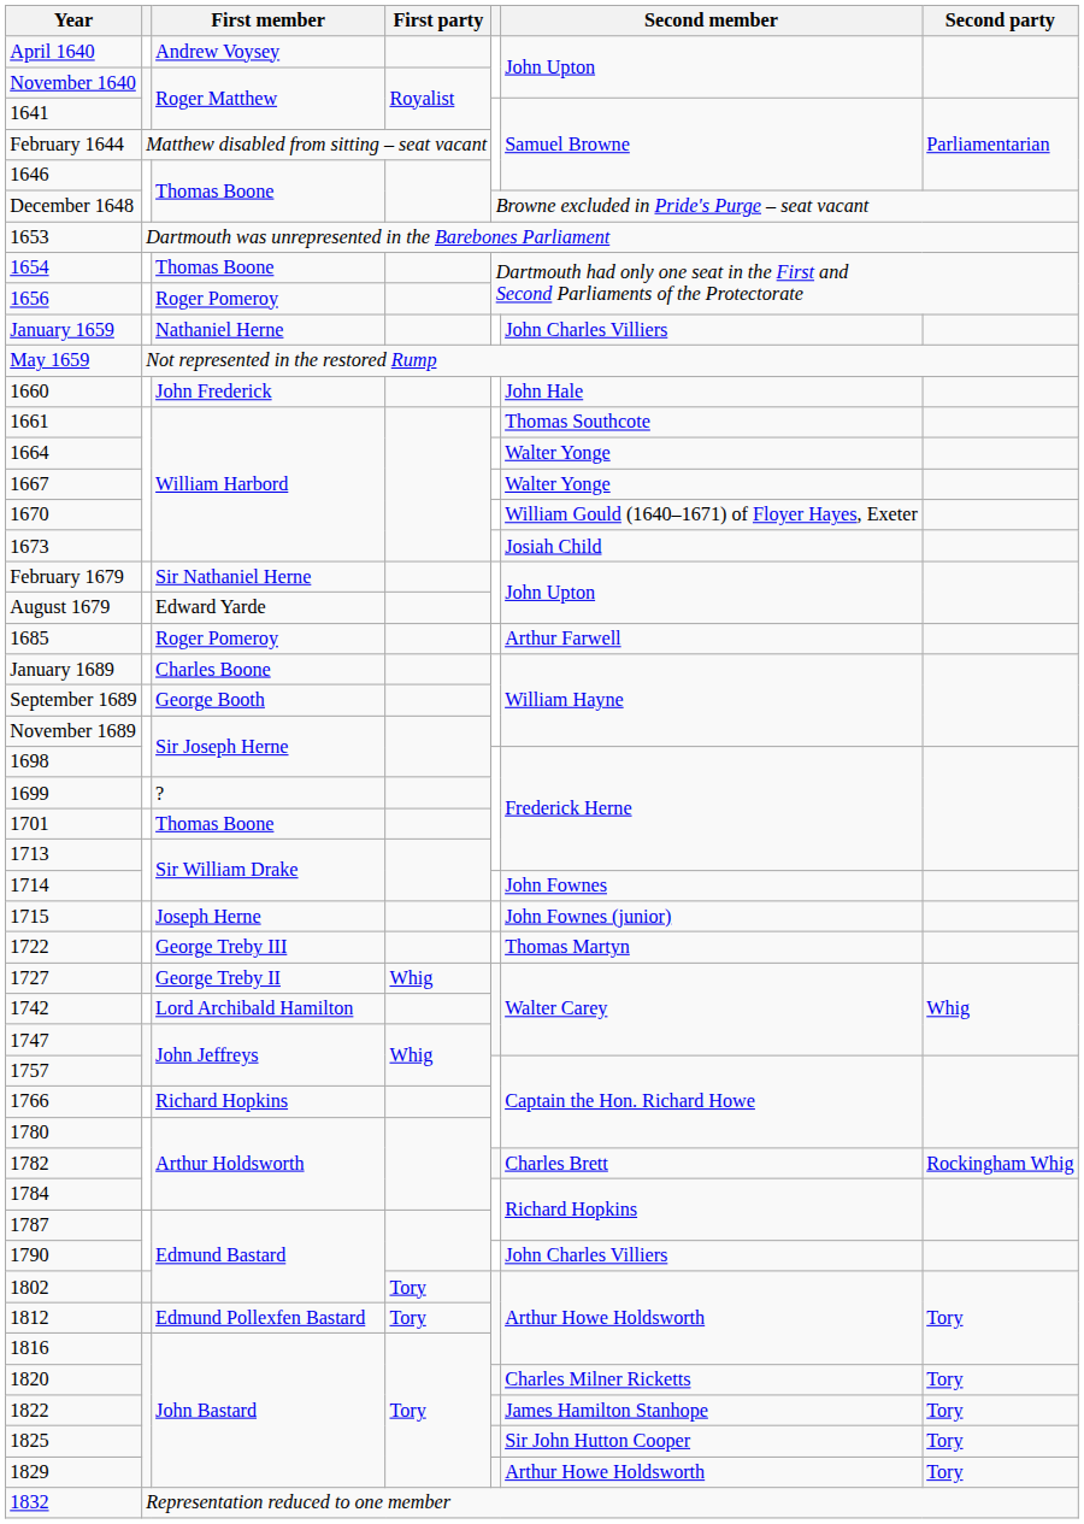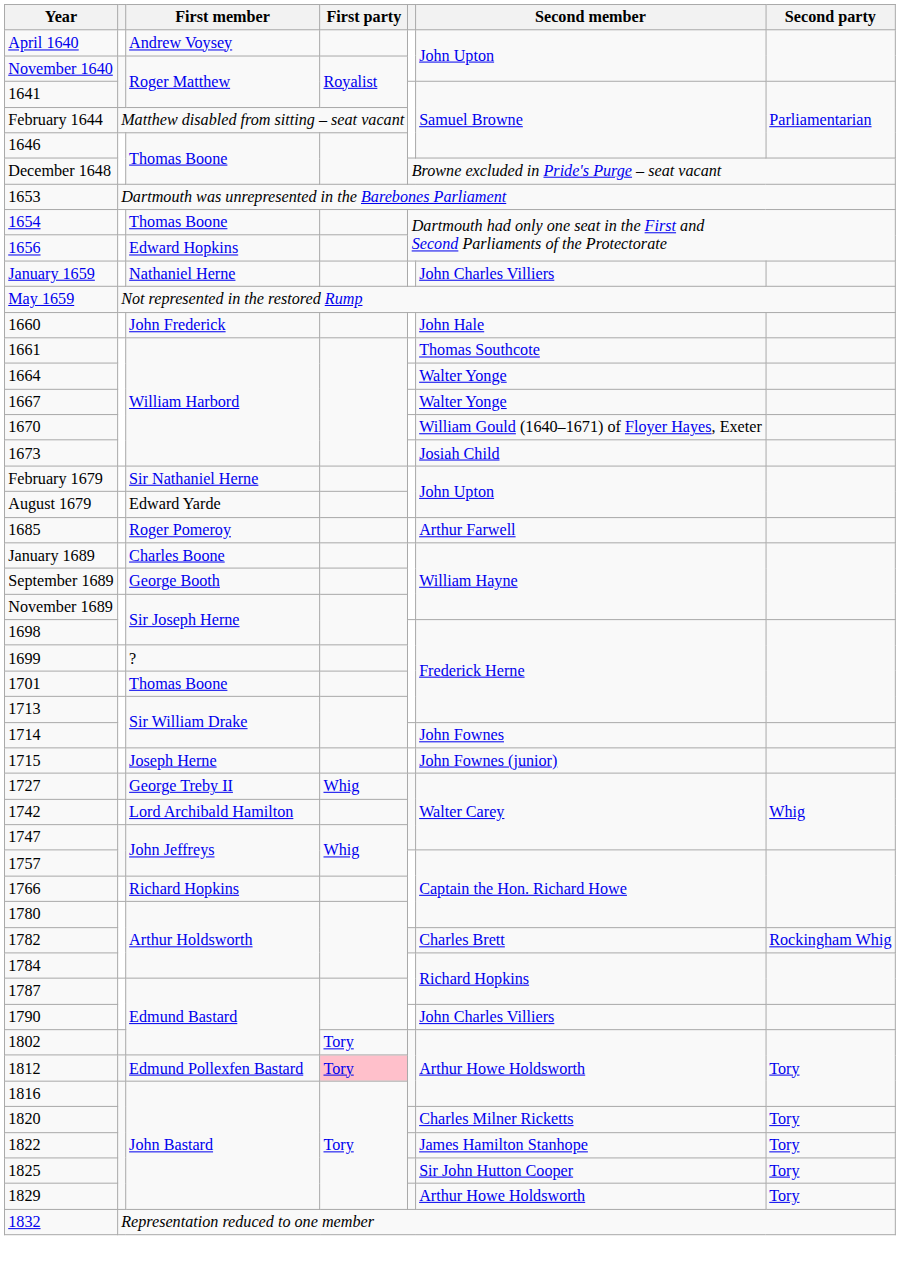 <table class="wikitable">
 <tr>
 <th>Year</th>
 <th></th>
 <th>First member</th>
 <th>First party</th>
 <th></th>
 <th>Second member</th>
 <th>Second party</th>
 </tr>
 <tr>
 <td><a href='#'>April 1640</a></td>
 <td style="color:inherit;background-color: white"></td>
 <td><a href='#'>Andrew Voysey</a></td>
 <td></td>
 <td rowspan="2" style="color:inherit;background-color: white"></td>
 <td rowspan="2"><a href='#'>John Upton</a></td>
 <td rowspan="2"></td>
 </tr>
 <tr>
 <td><a href='#'>November 1640</a></td>
 <td rowspan="2" style="color:inherit;background-color: "></td>
 <td rowspan="2"><a href='#'>Roger Matthew</a></td>
 <td rowspan="2"><a href='#'>Royalist</a></td>
 </tr>
 <tr>
 <td>1641</td>
 <td rowspan="3" style="color:inherit;background-color: white"></td>
 <td rowspan="3"><a href='#'>Samuel Browne</a></td>
 <td rowspan="3"><a href='#'>Parliamentarian</a></td>
 </tr>
 <tr>
 <td>February 1644</td>
 <td colspan="3"><em>Matthew disabled from sitting – seat vacant</em></td>
 </tr>
 <tr>
 <td>1646</td>
 <td rowspan="2" style="color:inherit;background-color: white"></td>
 <td rowspan="2"><a href='#'>Thomas Boone</a></td>
 <td rowspan="2"></td>
 </tr>
 <tr>
 <td>December 1648</td>
 <td colspan="3"><em>Browne excluded in <a href='#'>Pride's Purge</a> – seat vacant</em></td>
 </tr>
 <tr>
 <td>1653</td>
 <td colspan="6"><em>Dartmouth was unrepresented in the <a href='#'>Barebones Parliament</a></em></td>
 </tr>
 <tr>
 <td><a href='#'>1654</a></td>
 <td style="color:inherit;background-color: white"></td>
 <td><a href='#'>Thomas Boone</a></td>
 <td></td>
 <td rowspan="2" colspan="3"><em>Dartmouth had only one seat in the <a href='#'>First</a>  and <br><a href='#'>Second</a> Parliaments of the Protectorate</em></td>
 </tr>
 <tr>
 <td><a href='#'>1656</a></td>
 <td style="color:inherit;background-color: white"></td>
-<td><a href='#'>Roger Pomeroy</a></td>
+<td><a href='#'>Edward Hopkins</a></td>
 <td></td>
 </tr>
 <tr>
 <td><a href='#'>January 1659</a></td>
 <td style="color:inherit;background-color: white"></td>
 <td><a href='#'>Nathaniel Herne</a></td>
 <td></td>
 <td style="color:inherit;background-color: white"></td>
 <td><a href='#'>John Charles Villiers</a></td>
 <td></td>
 </tr>
 <tr>
 <td><a href='#'>May 1659</a></td>
 <td colspan="6"><em>Not represented in the restored <a href='#'>Rump</a></em></td>
 </tr>
 <tr>
 <td>1660</td>
 <td style="color:inherit;background-color: white"></td>
 <td><a href='#'>John Frederick</a></td>
 <td></td>
 <td style="color:inherit;background-color: white"></td>
 <td><a href='#'>John Hale</a></td>
 <td></td>
 </tr>
 <tr>
 <td>1661</td>
 <td rowspan="5" style="color:inherit;background-color: white"></td>
 <td rowspan="5"><a href='#'>William Harbord</a></td>
 <td rowspan="5"></td>
 <td style="color:inherit;background-color: white"></td>
 <td><a href='#'>Thomas Southcote</a></td>
 <td></td>
 </tr>
 <tr>
 <td>1664</td>
 <td style="color:inherit;background-color: white"></td>
 <td><a href='#'>Walter Yonge</a></td>
 <td></td>
 </tr>
 <tr>
 <td>1667</td>
 <td style="color:inherit;background-color: white"></td>
 <td><a href='#'>Walter Yonge</a></td>
 <td></td>
 </tr>
 <tr>
 <td>1670</td>
 <td style="color:inherit;background-color: white"></td>
 <td><a href='#'>William Gould</a> (1640–1671) of <a href='#'>Floyer Hayes</a>, Exeter</td>
 <td></td>
 </tr>
 <tr>
 <td>1673</td>
 <td style="color:inherit;background-color: white"></td>
 <td><a href='#'>Josiah Child</a></td>
 <td></td>
 </tr>
 <tr>
 <td>February 1679</td>
 <td style="color:inherit;background-color: white"></td>
 <td><a href='#'>Sir Nathaniel Herne</a></td>
 <td></td>
 <td rowspan="2" style="color:inherit;background-color: white"></td>
 <td rowspan="2"><a href='#'>John Upton</a></td>
 <td rowspan="2"></td>
 </tr>
 <tr>
 <td>August 1679</td>
 <td style="color:inherit;background-color: white"></td>
 <td>Edward Yarde</td>
 <td></td>
 </tr>
 <tr>
 <td>1685</td>
 <td style="color:inherit;background-color: white"></td>
 <td><a href='#'>Roger Pomeroy</a></td>
 <td></td>
 <td style="color:inherit;background-color: white"></td>
 <td><a href='#'>Arthur Farwell</a></td>
 <td></td>
 </tr>
 <tr>
 <td>January 1689</td>
 <td style="color:inherit;background-color: white"></td>
 <td><a href='#'>Charles Boone</a></td>
 <td></td>
 <td rowspan="3" style="color:inherit;background-color: white"></td>
 <td rowspan="3"><a href='#'>William Hayne</a></td>
 <td rowspan="3"></td>
 </tr>
 <tr>
 <td>September 1689</td>
 <td style="color:inherit;background-color: white"></td>
 <td><a href='#'>George Booth</a></td>
 <td></td>
 </tr>
 <tr>
 <td>November 1689</td>
 <td rowspan="2" style="color:inherit;background-color: white"></td>
 <td rowspan="2"><a href='#'>Sir Joseph Herne</a></td>
 <td rowspan="2"></td>
 </tr>
 <tr>
 <td>1698</td>
 <td rowspan="4"  style="color:inherit;background-color: white"></td>
 <td rowspan="4"><a href='#'>Frederick Herne</a></td>
 <td rowspan="4"></td>
 </tr>
 <tr>
 <td>1699</td>
 <td style="color:inherit;background-color: white"></td>
 <td>?</td>
 <td></td>
 </tr>
 <tr>
 <td>1701</td>
 <td style="color:inherit;background-color: white"></td>
 <td><a href='#'>Thomas Boone</a></td>
 <td></td>
 </tr>
 <tr>
 <td>1713</td>
 <td rowspan="2" style="color:inherit;background-color: white"></td>
 <td rowspan="2"><a href='#'>Sir William Drake</a></td>
 <td rowspan="2"></td>
 </tr>
 <tr>
 <td>1714</td>
 <td style="color:inherit;background-color: white"></td>
 <td><a href='#'>John Fownes</a></td>
 <td></td>
 </tr>
 <tr>
 <td>1715</td>
 <td style="color:inherit;background-color: white"></td>
 <td><a href='#'>Joseph Herne</a></td>
 <td></td>
 <td style="color:inherit;background-color: white"></td>
 <td><a href='#'>John Fownes (junior)</a></td>
 <td></td>
 </tr>
 <tr>
-<td>1722</td>
-<td style="color:inherit;background-color: white"></td>
-<td><a href='#'>George Treby III</a></td>
-<td></td>
-<td style="color:inherit;background-color: white"></td>
-<td><a href='#'>Thomas Martyn</a></td>
-<td></td>
-</tr>
-<tr>
 <td>1727</td>
 <td style="color:inherit;background-color: "></td>
 <td><a href='#'>George Treby II</a></td>
 <td><a href='#'>Whig</a></td>
 <td rowspan="3" style="color:inherit;background-color: "></td>
 <td rowspan="3"><a href='#'>Walter Carey</a></td>
 <td rowspan="3"><a href='#'>Whig</a></td>
 </tr>
 <tr>
 <td>1742</td>
 <td style="color:inherit;background-color: white"></td>
 <td><a href='#'>Lord Archibald Hamilton</a></td>
 <td></td>
 </tr>
 <tr>
 <td>1747</td>
 <td rowspan="2" style="color:inherit;background-color: "></td>
 <td rowspan="2"><a href='#'>John Jeffreys</a></td>
 <td rowspan="2"><a href='#'>Whig</a></td>
 </tr>
 <tr>
 <td>1757</td>
 <td rowspan="3" style="color:inherit;background-color: white"></td>
 <td rowspan="3"><a href='#'>Captain the Hon. Richard Howe</a></td>
 <td rowspan="3"></td>
 </tr>
 <tr>
 <td>1766</td>
 <td style="color:inherit;background-color: white"></td>
 <td><a href='#'>Richard Hopkins</a></td>
 <td></td>
 </tr>
 <tr>
 <td>1780</td>
 <td rowspan="3" style="color:inherit;background-color: white"></td>
 <td rowspan="3"><a href='#'>Arthur Holdsworth</a></td>
 <td rowspan="3"></td>
 </tr>
 <tr>
 <td>1782</td>
 <td style="color:inherit;background-color: "></td>
 <td><a href='#'>Charles Brett</a></td>
 <td><a href='#'>Rockingham Whig</a></td>
 </tr>
 <tr>
 <td>1784</td>
 <td rowspan="2" style="color:inherit;background-color: white"></td>
 <td rowspan="2"><a href='#'>Richard Hopkins</a></td>
 <td rowspan="2"></td>
 </tr>
 <tr>
 <td>1787</td>
 <td rowspan="2" style="color:inherit;background-color: white"></td>
 <td rowspan="3"><a href='#'>Edmund Bastard</a></td>
 <td rowspan="2"></td>
 </tr>
 <tr>
 <td>1790</td>
 <td style="color:inherit;background-color: white"></td>
 <td><a href='#'>John Charles Villiers</a></td>
 <td></td>
 </tr>
 <tr>
 <td>1802</td>
 <td style="color:inherit;background-color: "></td>
 <td><a href='#'>Tory</a></td>
 <td rowspan="3" style="color:inherit;background-color: "></td>
 <td rowspan="3"><a href='#'>Arthur Howe Holdsworth</a></td>
 <td rowspan="3"><a href='#'>Tory</a></td>
 </tr>
 <tr>
 <td>1812</td>
 <td style="color:inherit;background-color: "></td>
 <td><a href='#'>Edmund Pollexfen Bastard</a></td>
-<td><a href='#'>Tory</a></td>
+<td style="background: pink;"><a href='#'>Tory</a></td>
 </tr>
 <tr>
 <td>1816</td>
 <td rowspan="5" style="color:inherit;background-color: "></td>
 <td rowspan="5"><a href='#'>John Bastard</a></td>
 <td rowspan="5"><a href='#'>Tory</a></td>
 </tr>
 <tr>
 <td>1820</td>
 <td style="color:inherit;background-color: "></td>
 <td><a href='#'>Charles Milner Ricketts</a></td>
 <td><a href='#'>Tory</a></td>
 </tr>
 <tr>
 <td>1822</td>
 <td style="color:inherit;background-color: "></td>
 <td><a href='#'>James Hamilton Stanhope</a></td>
 <td><a href='#'>Tory</a></td>
 </tr>
 <tr>
 <td>1825</td>
 <td style="color:inherit;background-color: "></td>
 <td><a href='#'>Sir John Hutton Cooper</a></td>
 <td><a href='#'>Tory</a></td>
 </tr>
 <tr>
 <td>1829</td>
 <td style="color:inherit;background-color: "></td>
 <td><a href='#'>Arthur Howe Holdsworth</a></td>
 <td><a href='#'>Tory</a></td>
 </tr>
 <tr>
 <td><a href='#'>1832</a></td>
 <td colspan="6"><em>Representation reduced to one member</em></td>
 </tr>
 </table>
